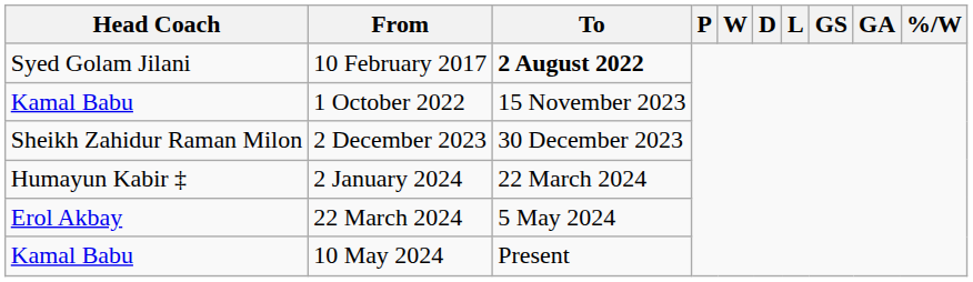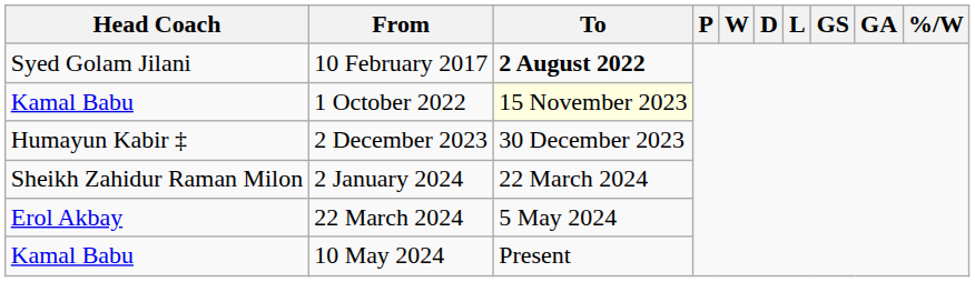 <table class="wikitable socrtable" style="text-align:center">
 <tr>
 <th>Head Coach</th>
 <th class ="unsortable">From</th>
 <th class="unsortable">To</th>
 <th abbr="0">P</th>
 <th abbr="0">W</th>
 <th abbr="0">D</th>
 <th abbr="0">L</th>
 <th abbr="0">GS</th>
 <th abbr="0">GA</th>
 <th abbr="00">%/W</th>
 </tr>
 <tr>
 <td align=left> Syed Golam Jilani</td>
 <td align=left>10 February 2017</td>
 <td align=left><strong>2 August 2022<br></strong></td>
 </tr>
 <tr>
 <td align=left> <a href='#'>Kamal Babu</a></td>
 <td align=left>1 October 2022</td>
-<td align=left>15 November 2023<br></td>
+<td align=left style="background: lightyellow;">15 November 2023<br></td>
 </tr>
 <tr>
-<td align=left> Sheikh Zahidur Raman Milon</td>
+<td align=left> Humayun Kabir ‡</td>
 <td align=left>2 December 2023</td>
 <td align=left>30 December 2023<br></td>
 </tr>
 <tr>
-<td align=left> Humayun Kabir ‡</td>
+<td align=left> Sheikh Zahidur Raman Milon</td>
 <td align=left>2 January 2024</td>
 <td align=left>22 March 2024<br></td>
 </tr>
 <tr>
 <td align=left> <a href='#'>Erol Akbay</a></td>
 <td align=left>22 March 2024</td>
 <td align=left>5 May 2024<br></td>
 </tr>
 <tr>
 <td align=left> <a href='#'>Kamal Babu</a></td>
 <td align=left>10 May 2024</td>
 <td align=left>Present<br></td>
 </tr>
 </table>
